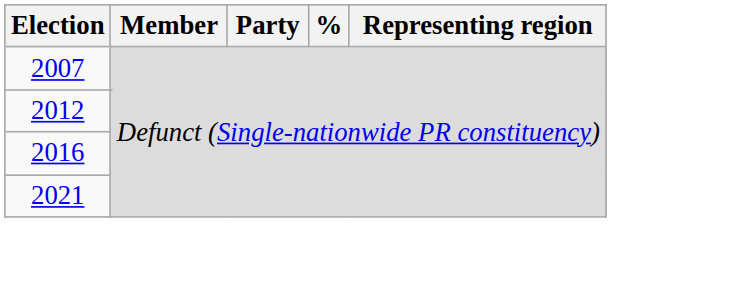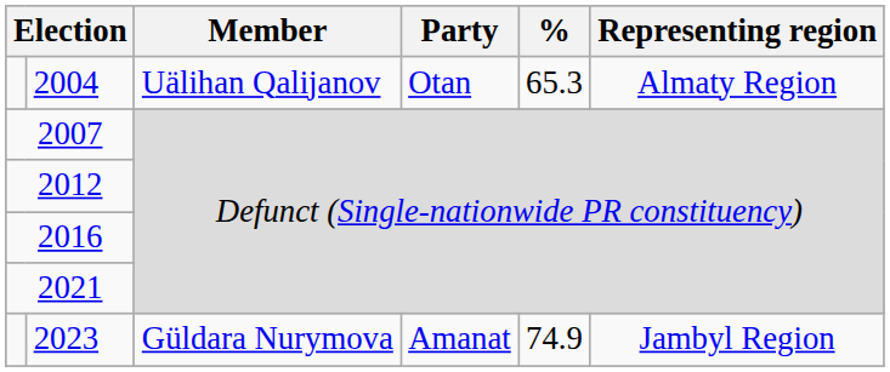 <table class="wikitable">
 <tr>
 <th colspan="2">Election</th>
 <th>Member</th>
 <th>Party</th>
 <th>%</th>
 <th>Representing region</th>
+</tr>
+<tr>
+<td style="background-color: "></td>
+<td><a href='#'>2004</a></td>
+<td><a href='#'>Uälihan Qalijanov</a></td>
+<td><a href='#'>Otan</a></td>
+<td align="right">65.3</td>
+<td align="center"><a href='#'>Almaty Region</a></td>
 </tr>
 <tr>
 <td colspan="2" align="center"><a href='#'>2007</a></td>
 <td colspan="4" rowspan="4" align="center" style="background-color:#DCDCDC"><em>Defunct (<a href='#'>Single-nationwide PR constituency</a>)</em></td>
 </tr>
 <tr>
 <td colspan="2" align="center"><a href='#'>2012</a></td>
 </tr>
 <tr>
 <td colspan="2" align="center"><a href='#'>2016</a></td>
 </tr>
 <tr>
 <td colspan="2" align="center"><a href='#'>2021</a></td>
 </tr>
+<tr>
+<td style="background-color: "></td>
+<td><a href='#'>2023</a></td>
+<td><a href='#'>Güldara Nurymova</a></td>
+<td><a href='#'>Amanat</a></td>
+<td align="right">74.9</td>
+<td align="center"><a href='#'>Jambyl Region</a></td>
+</tr>
 </table>
